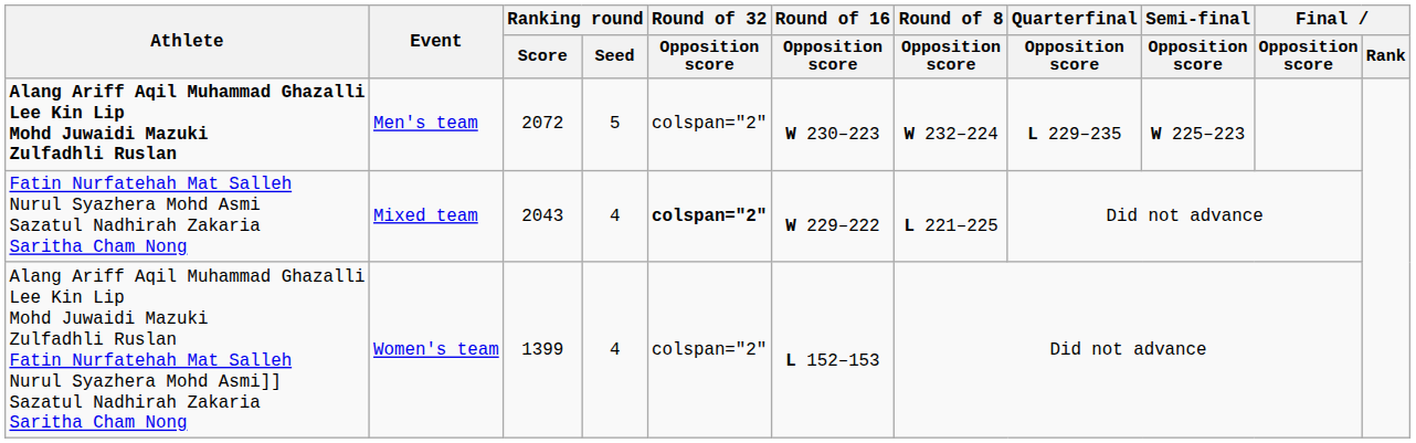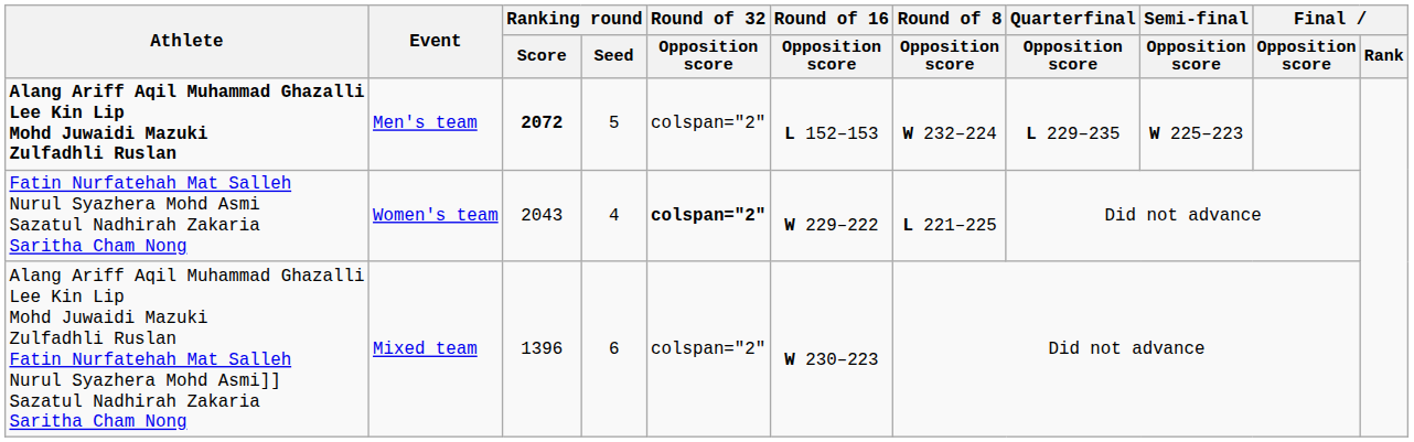 <table class="wikitable" style="text-align:center;font-size:90%">
 <tr>
 <th rowspan="2">Athlete</th>
 <th rowspan="2">Event</th>
 <th colspan="2">Ranking round</th>
 <th>Round of 32</th>
 <th>Round of 16</th>
 <th>Round of 8</th>
 <th>Quarterfinal</th>
 <th>Semi-final</th>
 <th colspan="2">Final / </th>
 </tr>
 <tr style="font-size:95%">
 <th>Score</th>
 <th>Seed</th>
 <th>Opposition<br>score</th>
 <th>Opposition<br>score</th>
 <th>Opposition<br>score</th>
 <th>Opposition<br>score</th>
 <th>Opposition<br>score</th>
 <th>Opposition<br>score</th>
 <th>Rank</th>
 </tr>
 <tr>
 <td align="left"><strong>Alang Ariff Aqil Muhammad Ghazalli<br>Lee Kin Lip<br>Mohd Juwaidi Mazuki<br>Zulfadhli Ruslan</strong></td>
 <td align="left"><a href='#'>Men's team</a></td>
-<td>2072</td>
+<td><strong>2072</strong></td>
 <td>5 <strong></strong></td>
 <td>colspan="2" </td>
-<td><br><strong>W</strong> 230–223</td>
+<td><br><strong>L</strong> 152–153</td>
 <td><br><strong>W</strong> 232–224</td>
 <td><br><strong>L</strong> 229–235</td>
 <td><br><strong>W</strong> 225–223</td>
 <td></td>
 </tr>
 <tr>
 <td align="left"><a href='#'>Fatin Nurfatehah Mat Salleh</a><br>Nurul Syazhera Mohd Asmi<br>Sazatul Nadhirah Zakaria<br><a href='#'>Saritha Cham Nong</a></td>
-<td align="left"><a href='#'>Mixed team</a></td>
+<td align="left"><a href='#'>Women's team</a></td>
 <td>2043</td>
 <td>4 <strong></strong></td>
 <td><strong>colspan="2" </strong></td>
 <td><br><strong>W</strong> 229–222</td>
 <td><br><strong>L</strong> 221–225</td>
 <td colspan="3">Did not advance</td>
 </tr>
 <tr>
 <td align="left">Alang Ariff Aqil Muhammad Ghazalli<br>Lee Kin Lip<br>Mohd Juwaidi Mazuki<br>Zulfadhli Ruslan<br><a href='#'>Fatin Nurfatehah Mat Salleh</a><br>Nurul Syazhera Mohd Asmi]]<br>Sazatul Nadhirah Zakaria<br><a href='#'>Saritha Cham Nong</a></td>
-<td align="left"><a href='#'>Women's team</a></td>
-<td>1399</td>
-<td>4 <strong></strong></td>
+<td align="left"><a href='#'>Mixed team</a></td>
+<td>1396</td>
+<td>6 <strong></strong></td>
 <td>colspan="2" </td>
-<td><br><strong>L</strong> 152–153</td>
+<td><br><strong>W</strong> 230–223</td>
 <td colspan="4">Did not advance</td>
 </tr>
 </table>
